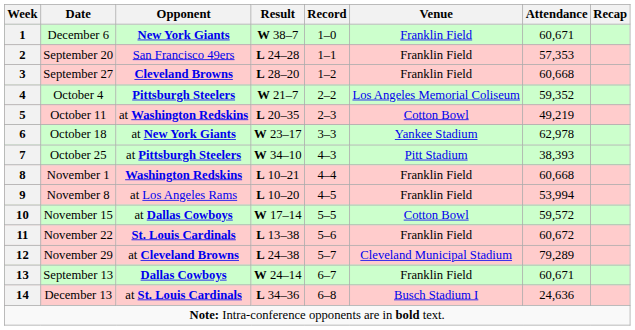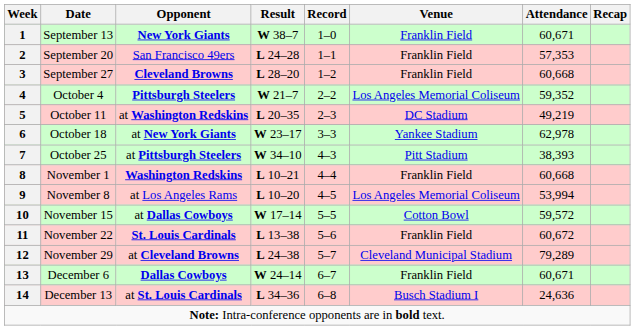 <table class="wikitable" style="text-align:center">
 <tr>
 <th>Week</th>
 <th>Date</th>
 <th>Opponent</th>
 <th>Result</th>
 <th>Record</th>
 <th>Venue</th>
 <th>Attendance</th>
 <th>Recap</th>
 </tr>
 <tr style="background:#cfc">
 <th>1</th>
-<td>December 6</td>
+<td>September 13</td>
 <td><strong><a href='#'>New York Giants</a></strong></td>
 <td><strong>W</strong> 38–7</td>
 <td>1–0</td>
 <td><a href='#'>Franklin Field</a></td>
 <td>60,671</td>
 <td></td>
 </tr>
 <tr style="background:#fcc">
 <th>2</th>
 <td>September 20</td>
 <td><a href='#'>San Francisco 49ers</a></td>
 <td><strong>L</strong> 24–28</td>
 <td>1–1</td>
 <td>Franklin Field</td>
 <td>57,353</td>
 <td></td>
 </tr>
 <tr style="background:#fcc">
 <th>3</th>
 <td>September 27</td>
 <td><strong><a href='#'>Cleveland Browns</a></strong></td>
 <td><strong>L</strong> 28–20</td>
 <td>1–2</td>
 <td>Franklin Field</td>
 <td>60,668</td>
 <td></td>
 </tr>
 <tr style="background:#cfc">
 <th>4</th>
 <td>October 4</td>
 <td><strong><a href='#'>Pittsburgh Steelers</a></strong></td>
 <td><strong>W</strong> 21–7</td>
 <td>2–2</td>
 <td><a href='#'>Los Angeles Memorial Coliseum</a></td>
 <td>59,352</td>
 <td></td>
 </tr>
 <tr style="background:#fcc">
 <th>5</th>
 <td>October 11</td>
 <td>at <strong><a href='#'>Washington Redskins</a></strong></td>
 <td><strong>L</strong> 20–35</td>
 <td>2–3</td>
-<td><a href='#'>Cotton Bowl</a></td>
+<td><a href='#'>DC Stadium</a></td>
 <td>49,219</td>
 <td></td>
 </tr>
 <tr style="background:#cfc">
 <th>6</th>
 <td>October 18</td>
 <td>at <strong><a href='#'>New York Giants</a></strong></td>
 <td><strong>W</strong> 23–17</td>
 <td>3–3</td>
 <td><a href='#'>Yankee Stadium</a></td>
 <td>62,978</td>
 <td></td>
 </tr>
 <tr style="background:#cfc">
 <th>7</th>
 <td>October 25</td>
 <td>at <strong><a href='#'>Pittsburgh Steelers</a></strong></td>
 <td><strong>W</strong> 34–10</td>
 <td>4–3</td>
 <td><a href='#'>Pitt Stadium</a></td>
 <td>38,393</td>
 <td></td>
 </tr>
 <tr style="background:#fcc">
 <th>8</th>
 <td>November 1</td>
 <td><strong><a href='#'>Washington Redskins</a></strong></td>
 <td><strong>L</strong> 10–21</td>
 <td>4–4</td>
 <td>Franklin Field</td>
 <td>60,668</td>
 <td></td>
 </tr>
 <tr style="background:#fcc">
 <th>9</th>
 <td>November 8</td>
 <td>at <a href='#'>Los Angeles Rams</a></td>
 <td><strong>L</strong> 10–20</td>
 <td>4–5</td>
-<td>Franklin Field</td>
+<td><a href='#'>Los Angeles Memorial Coliseum</a></td>
 <td>53,994</td>
 <td></td>
 </tr>
 <tr style="background:#cfc">
 <th>10</th>
 <td>November 15</td>
 <td>at <strong><a href='#'>Dallas Cowboys</a></strong></td>
 <td><strong>W</strong> 17–14</td>
 <td>5–5</td>
 <td><a href='#'>Cotton Bowl</a></td>
 <td>59,572</td>
 <td></td>
 </tr>
 <tr style="background:#fcc">
 <th>11</th>
 <td>November 22</td>
 <td><strong><a href='#'>St. Louis Cardinals</a></strong></td>
 <td><strong>L</strong> 13–38</td>
 <td>5–6</td>
 <td>Franklin Field</td>
 <td>60,672</td>
 <td></td>
 </tr>
 <tr style="background:#fcc">
 <th>12</th>
 <td>November 29</td>
 <td>at <strong><a href='#'>Cleveland Browns</a></strong></td>
 <td><strong>L</strong> 24–38</td>
 <td>5–7</td>
 <td><a href='#'>Cleveland Municipal Stadium</a></td>
 <td>79,289</td>
 <td></td>
 </tr>
 <tr style="background:#cfc">
 <th>13</th>
-<td>September 13</td>
+<td>December 6</td>
 <td><strong><a href='#'>Dallas Cowboys</a></strong></td>
 <td><strong>W</strong> 24–14</td>
 <td>6–7</td>
 <td>Franklin Field</td>
 <td>60,671</td>
 <td></td>
 </tr>
 <tr style="background:#fcc">
 <th>14</th>
 <td>December 13</td>
 <td>at <strong><a href='#'>St. Louis Cardinals</a></strong></td>
 <td><strong>L</strong> 34–36</td>
 <td>6–8</td>
 <td><a href='#'>Busch Stadium I</a></td>
 <td>24,636</td>
 <td></td>
 </tr>
 <tr>
 <td colspan="8"><strong>Note:</strong> Intra-conference opponents are in <strong>bold</strong> text.</td>
 </tr>
 </table>
